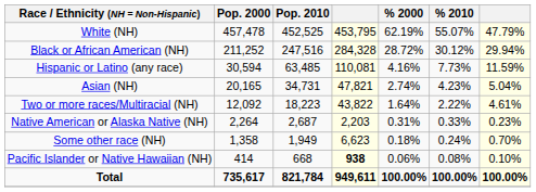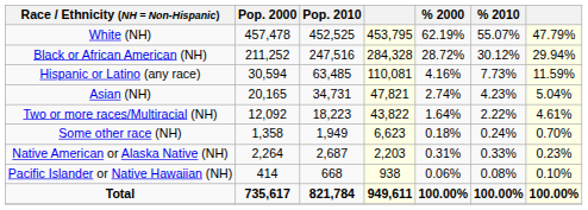 <table class="wikitable" style="text-align:center;">
 <tr>
 <th>Race / Ethnicity <small>(<em>NH = Non-Hispanic</em>)</small></th>
 <th>Pop. 2000</th>
 <th>Pop. 2010</th>
 <th></th>
 <th>% 2000</th>
 <th>% 2010</th>
 <th></th>
 </tr>
 <tr>
 <td><a href='#'>White</a> (NH)</td>
 <td>457,478</td>
 <td>452,525</td>
 <td style='background: #ffffe6;'>453,795</td>
 <td>62.19%</td>
 <td>55.07%</td>
 <td style='background: #ffffe6;'>47.79%</td>
 </tr>
 <tr>
 <td><a href='#'>Black or African American</a> (NH)</td>
 <td>211,252</td>
 <td>247,516</td>
 <td style='background: #ffffe6;'>284,328</td>
 <td>28.72%</td>
 <td>30.12%</td>
 <td style='background: #ffffe6;'>29.94%</td>
 </tr>
 <tr>
 <td><a href='#'>Hispanic or Latino</a> (any race)</td>
 <td>30,594</td>
 <td>63,485</td>
 <td style='background: #ffffe6;'>110,081</td>
 <td>4.16%</td>
 <td>7.73%</td>
 <td style='background: #ffffe6;'>11.59%</td>
 </tr>
 <tr>
 <td><a href='#'>Asian</a> (NH)</td>
 <td>20,165</td>
 <td>34,731</td>
 <td style='background: #ffffe6;'>47,821</td>
 <td>2.74%</td>
 <td>4.23%</td>
 <td style='background: #ffffe6;'>5.04%</td>
 </tr>
 <tr>
 <td><a href='#'>Two or more races/Multiracial</a> (NH)</td>
 <td>12,092</td>
 <td>18,223</td>
 <td style='background: #ffffe6;'>43,822</td>
 <td>1.64%</td>
 <td>2.22%</td>
 <td style='background: #ffffe6;'>4.61%</td>
 </tr>
 <tr>
+<td><a href='#'>Some other race</a> (NH)</td>
+<td>1,358</td>
+<td>1,949</td>
+<td style='background: #ffffe6;'>6,623</td>
+<td>0.18%</td>
+<td>0.24%</td>
+<td style='background: #ffffe6;'>0.70%</td>
+</tr>
+<tr>
 <td><a href='#'>Native American</a> or <a href='#'>Alaska Native</a> (NH)</td>
 <td>2,264</td>
 <td>2,687</td>
 <td style='background: #ffffe6;'>2,203</td>
 <td>0.31%</td>
 <td>0.33%</td>
 <td style='background: #ffffe6;'>0.23%</td>
 </tr>
 <tr>
-<td><a href='#'>Some other race</a> (NH)</td>
-<td>1,358</td>
-<td>1,949</td>
-<td style='background: #ffffe6;'>6,623</td>
-<td>0.18%</td>
-<td>0.24%</td>
-<td style='background: #ffffe6;'>0.70%</td>
-</tr>
-<tr>
 <td><a href='#'>Pacific Islander</a> or <a href='#'>Native Hawaiian</a> (NH)</td>
 <td>414</td>
 <td>668</td>
-<td style='background: #ffffe6;'><strong>938</strong></td>
+<td style='background: #ffffe6;'>938</td>
 <td>0.06%</td>
 <td>0.08%</td>
 <td style='background: #ffffe6;'>0.10%</td>
 </tr>
 <tr>
 <td><strong>Total</strong></td>
 <td><strong>735,617</strong></td>
 <td><strong>821,784</strong></td>
 <td style='background: #ffffe6;'><strong>949,611</strong></td>
 <td><strong>100.00%</strong></td>
 <td><strong>100.00%</strong></td>
 <td style='background: #ffffe6;'><strong>100.00%</strong></td>
 </tr>
 <tr>
 </tr>
 </table>
